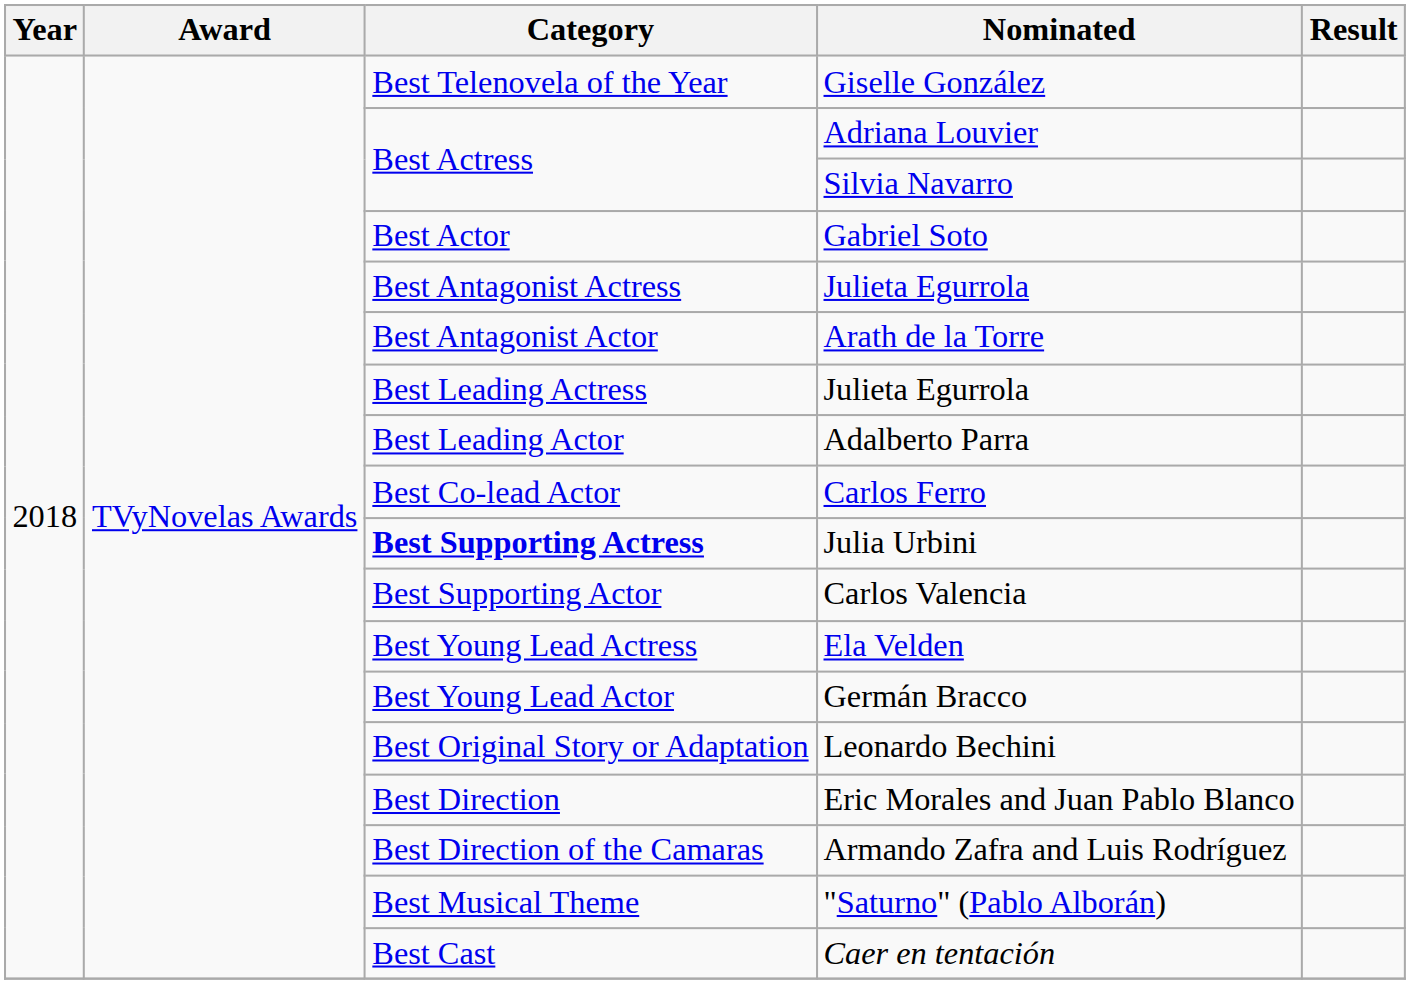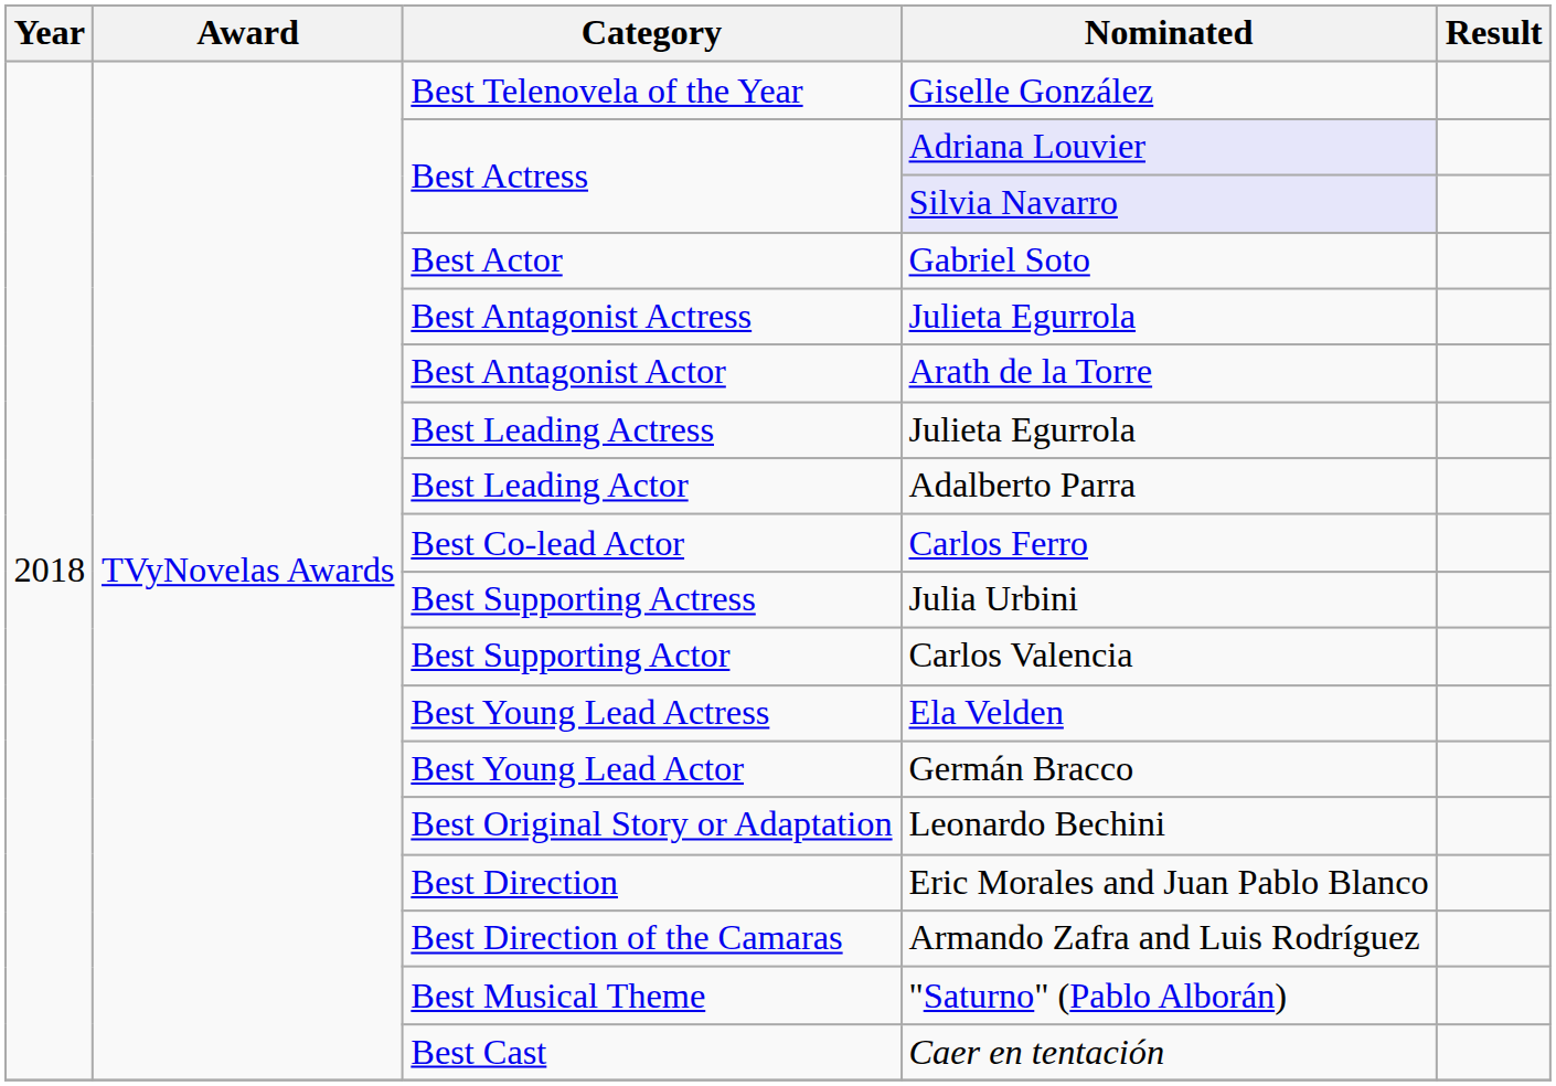 <table class="wikitable plainrowheaders">
 <tr>
 <th scope="col">Year</th>
 <th scope="col">Award</th>
 <th scope="col">Category</th>
 <th scope="col">Nominated</th>
 <th scope="col">Result</th>
 </tr>
 <tr>
 <td rowspan="18">2018</td>
 <td rowspan="18"><a href='#'>TVyNovelas Awards</a></td>
 <td><a href='#'>Best Telenovela of the Year</a></td>
 <td><a href='#'>Giselle González</a></td>
 <td></td>
 </tr>
 <tr>
 <td rowspan="2"><a href='#'>Best Actress</a></td>
-<td><a href='#'>Adriana Louvier</a></td>
+<td style="background: lavender;"><a href='#'>Adriana Louvier</a></td>
 <td></td>
 </tr>
 <tr>
-<td><a href='#'>Silvia Navarro</a></td>
+<td style="background: lavender;"><a href='#'>Silvia Navarro</a></td>
 <td></td>
 </tr>
 <tr>
 <td><a href='#'>Best Actor</a></td>
 <td><a href='#'>Gabriel Soto</a></td>
 <td></td>
 </tr>
 <tr>
 <td><a href='#'>Best Antagonist Actress</a></td>
 <td><a href='#'>Julieta Egurrola</a></td>
 <td></td>
 </tr>
 <tr>
 <td><a href='#'>Best Antagonist Actor</a></td>
 <td><a href='#'>Arath de la Torre</a></td>
 <td></td>
 </tr>
 <tr>
 <td><a href='#'>Best Leading Actress</a></td>
 <td>Julieta Egurrola</td>
 <td></td>
 </tr>
 <tr>
 <td><a href='#'>Best Leading Actor</a></td>
 <td>Adalberto Parra</td>
 <td></td>
 </tr>
 <tr>
 <td><a href='#'>Best Co-lead Actor</a></td>
 <td><a href='#'>Carlos Ferro</a></td>
 <td></td>
 </tr>
 <tr>
-<td><strong><a href='#'>Best Supporting Actress</a></strong></td>
+<td><a href='#'>Best Supporting Actress</a></td>
 <td>Julia Urbini</td>
 <td></td>
 </tr>
 <tr>
 <td><a href='#'>Best Supporting Actor</a></td>
 <td>Carlos Valencia</td>
 <td></td>
 </tr>
 <tr>
 <td><a href='#'>Best Young Lead Actress</a></td>
 <td><a href='#'>Ela Velden</a></td>
 <td></td>
 </tr>
 <tr>
 <td><a href='#'>Best Young Lead Actor</a></td>
 <td>Germán Bracco</td>
 <td></td>
 </tr>
 <tr>
 <td><a href='#'>Best Original Story or Adaptation</a></td>
 <td>Leonardo Bechini</td>
 <td></td>
 </tr>
 <tr>
 <td><a href='#'>Best Direction</a></td>
 <td>Eric Morales and Juan Pablo Blanco</td>
 <td></td>
 </tr>
 <tr>
 <td><a href='#'>Best Direction of the Camaras</a></td>
 <td>Armando Zafra and Luis Rodríguez</td>
 <td></td>
 </tr>
 <tr>
 <td><a href='#'>Best Musical Theme</a></td>
 <td>"<a href='#'>Saturno</a>" (<a href='#'>Pablo Alborán</a>)</td>
 <td></td>
 </tr>
 <tr>
 <td><a href='#'>Best Cast</a></td>
 <td><em>Caer en tentación</em></td>
 <td></td>
 </tr>
 <tr>
 </tr>
 </table>
